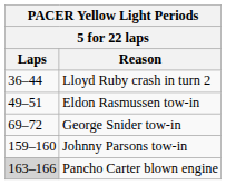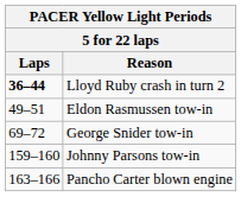 <table class="wikitable">
 <tr>
 <th colspan=2>PACER Yellow Light Periods</th>
 </tr>
 <tr>
 <th colspan=4>5 for 22 laps</th>
 </tr>
 <tr>
 <th>Laps</th>
 <th>Reason</th>
 </tr>
 <tr>
-<td>36–44</td>
+<td><strong>36–44</strong></td>
 <td>Lloyd Ruby crash in turn 2</td>
 </tr>
 <tr>
 <td>49–51</td>
 <td>Eldon Rasmussen tow-in</td>
 </tr>
 <tr>
 <td>69–72</td>
 <td>George Snider tow-in</td>
 </tr>
 <tr>
 <td>159–160</td>
 <td>Johnny Parsons tow-in</td>
 </tr>
 <tr>
-<td style="background: lightgrey;">163–166</td>
+<td>163–166</td>
 <td>Pancho Carter blown engine</td>
 </tr>
 </table>
